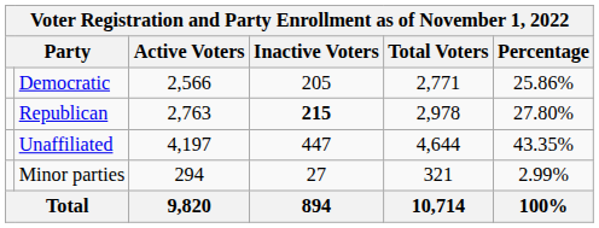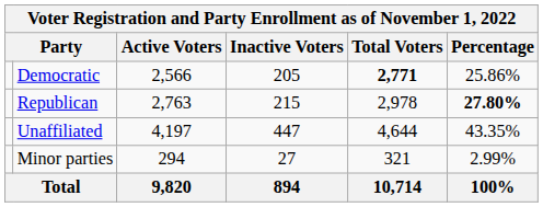 <table class="wikitable">
 <tr>
 <th colspan="6">Voter Registration and Party Enrollment as of November 1, 2022</th>
 </tr>
 <tr>
 <th colspan="2">Party</th>
 <th>Active Voters</th>
 <th>Inactive Voters</th>
 <th>Total Voters</th>
 <th>Percentage</th>
 </tr>
 <tr>
 <td></td>
 <td><a href='#'>Democratic</a></td>
 <td align="center">2,566</td>
 <td align="center">205</td>
-<td align="center">2,771</td>
+<td align="center"><strong>2,771</strong></td>
 <td align="center">25.86%</td>
 </tr>
 <tr>
 <td></td>
 <td><a href='#'>Republican</a></td>
 <td align="center">2,763</td>
-<td align="center"><strong>215</strong></td>
+<td align="center">215</td>
 <td align="center">2,978</td>
-<td align="center">27.80%</td>
+<td align="center"><strong>27.80%</strong></td>
 </tr>
 <tr>
 <td></td>
 <td><a href='#'>Unaffiliated</a></td>
 <td align="center">4,197</td>
 <td align="center">447</td>
 <td align="center">4,644</td>
 <td align="center">43.35%</td>
 </tr>
 <tr>
 <td></td>
 <td>Minor parties</td>
 <td align="center">294</td>
 <td align="center">27</td>
 <td align="center">321</td>
 <td align="center">2.99%</td>
 </tr>
 <tr>
 <th colspan="2">Total</th>
 <th align="center">9,820</th>
 <th align="center">894</th>
 <th align="center">10,714</th>
 <th align="center">100%</th>
 </tr>
 </table>
